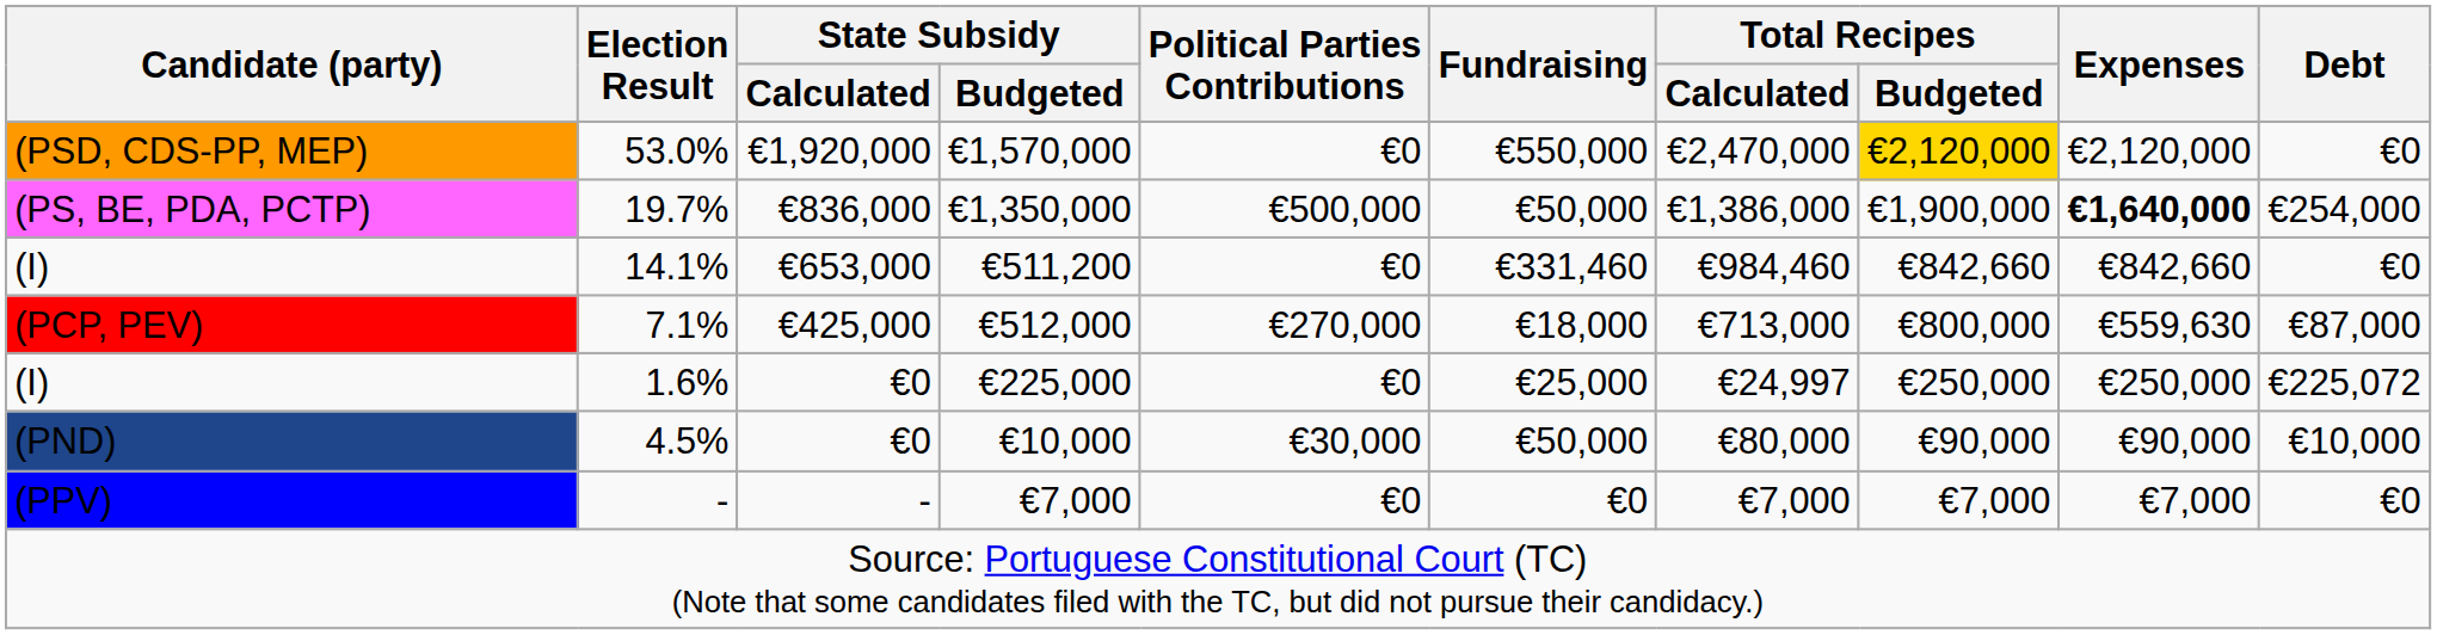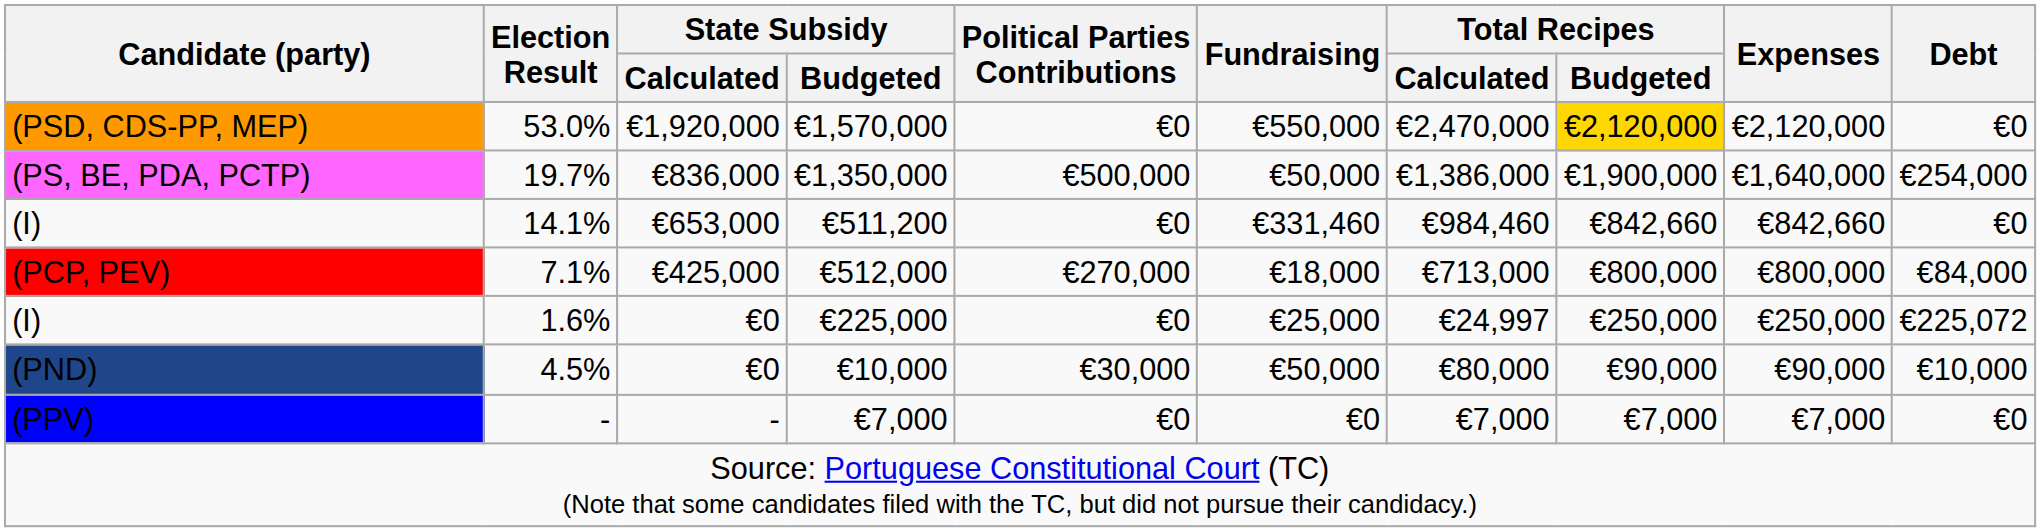 <table class="wikitable sortable" style="font-size:95%">
 <tr>
 <th rowspan=2>Candidate (party)</th>
 <th rowspan=2>Election<br>Result</th>
 <th colspan="2">State Subsidy</th>
 <th rowspan=2>Political Parties<br>Contributions</th>
 <th rowspan=2>Fundraising</th>
 <th colspan="2">Total Recipes</th>
 <th rowspan=2>Expenses</th>
 <th rowspan=2>Debt</th>
 </tr>
 <tr>
 <th>Calculated</th>
 <th>Budgeted</th>
 <th>Calculated</th>
 <th>Budgeted</th>
 </tr>
 <tr>
 <td class="unsortable" style="background:#FF9900" width="230px"><span> (PSD, CDS-PP, MEP)</span></td>
 <td align=right>53.0%</td>
 <td align=right>€1,920,000</td>
 <td align=right>€1,570,000</td>
 <td align=right>€0</td>
 <td align=right>€550,000</td>
 <td align=right>€2,470,000</td>
 <td align=right style="background: gold;">€2,120,000</td>
 <td align=right>€2,120,000</td>
 <td align=right>€0</td>
 </tr>
 <tr>
 <td class="unsortable" style="background:#FF66FF" width="230px"><span> (PS, BE, PDA, PCTP)</span></td>
 <td align=right>19.7%</td>
 <td align=right>€836,000</td>
 <td align=right>€1,350,000</td>
 <td align=right>€500,000</td>
 <td align=right>€50,000</td>
 <td align=right>€1,386,000</td>
 <td align=right>€1,900,000</td>
-<td align=right><strong>€1,640,000</strong></td>
+<td align=right>€1,640,000</td>
 <td align=right>€254,000</td>
 </tr>
 <tr>
 <td class="unsortable" style="background:"><span> (I)</span></td>
 <td align=right>14.1%</td>
 <td align=right>€653,000</td>
 <td align=right>€511,200</td>
 <td align=right>€0</td>
 <td align=right>€331,460</td>
 <td align=right>€984,460</td>
 <td align=right>€842,660</td>
 <td align=right>€842,660</td>
 <td align=right>€0</td>
 </tr>
 <tr>
 <td class="unsortable" style="background:red" width="230px"><span> (PCP, PEV)</span></td>
 <td align=right>7.1%</td>
 <td align=right>€425,000</td>
 <td align=right>€512,000</td>
 <td align=right>€270,000</td>
 <td align=right>€18,000</td>
 <td align=right>€713,000</td>
 <td align=right>€800,000</td>
-<td align=right>€559,630</td>
-<td align=right>€87,000</td>
+<td align=right>€800,000</td>
+<td align=right>€84,000</td>
 </tr>
 <tr>
 <td class="unsortable" style="background:"><span> (I)</span></td>
 <td align=right>1.6%</td>
 <td align=right>€0</td>
 <td align=right>€225,000</td>
 <td align=right>€0</td>
 <td align=right>€25,000</td>
 <td align=right>€24,997</td>
 <td align=right>€250,000</td>
 <td align=right>€250,000</td>
 <td align=right>€225,072</td>
 </tr>
 <tr>
 <td class="unsortable" style="background:#1F468B" width="230px"><span> (PND)</span></td>
 <td align=right>4.5%</td>
 <td align=right>€0</td>
 <td align=right>€10,000</td>
 <td align=right>€30,000</td>
 <td align=right>€50,000</td>
 <td align=right>€80,000</td>
 <td align=right>€90,000</td>
 <td align=right>€90,000</td>
 <td align=right>€10,000</td>
 </tr>
 <tr>
 <td class="unsortable" style="background:blue" width="230px"><span> (PPV)</span></td>
 <td align=right>-</td>
 <td align=right>-</td>
 <td align=right>€7,000</td>
 <td align=right>€0</td>
 <td align=right>€0</td>
 <td align=right>€7,000</td>
 <td align=right>€7,000</td>
 <td align=right>€7,000</td>
 <td align=right>€0</td>
 </tr>
 <tr style="text-align:center;" class="sortbottom">
 <td colspan="10">Source: <a href='#'>Portuguese Constitutional Court</a> (TC)<br><small>(Note that some candidates filed with the TC, but did not pursue their candidacy.)</small></td>
 </tr>
 </table>
